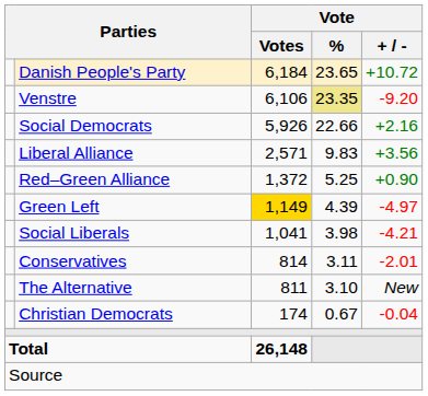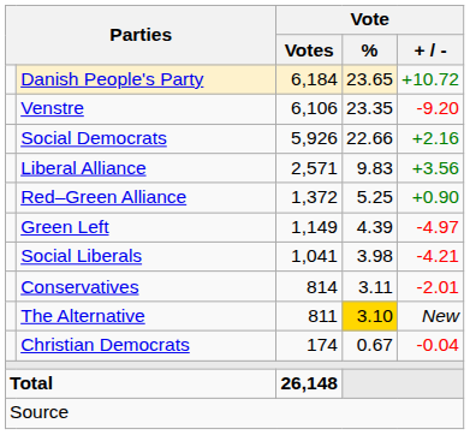 <table class="wikitable" style="text-align:right;">
 <tr>
 <th style="text-align:centre;" rowspan="2" colspan="2" width="225">Parties</th>
 <th colspan="3">Vote</th>
 </tr>
 <tr>
 <th width="15">Votes</th>
 <th width="15">%</th>
 <th width="15">+ / -</th>
 </tr>
 <tr>
 <td width="2" style="color:inherit;background:"></td>
 <td bgcolor=#fef2cc  align="left"><a href='#'>Danish People's Party</a></td>
 <td bgcolor=#fef2cc>6,184</td>
 <td bgcolor=#fef2cc>23.65</td>
 <td style=color:green;>+10.72</td>
 </tr>
 <tr>
 <td width="2" style="color:inherit;background:"></td>
 <td align="left"><a href='#'>Venstre</a></td>
 <td>6,106</td>
-<td style="background: khaki;">23.35</td>
+<td>23.35</td>
 <td style=color:red;>-9.20</td>
 </tr>
 <tr>
 <td width="2" style="color:inherit;background:"></td>
 <td align="left"><a href='#'>Social Democrats</a></td>
 <td>5,926</td>
 <td>22.66</td>
 <td style=color:green;>+2.16</td>
 </tr>
 <tr>
 <td width="2" style="color:inherit;background:"></td>
 <td align="left"><a href='#'>Liberal Alliance</a></td>
 <td>2,571</td>
 <td>9.83</td>
 <td style=color:green;>+3.56</td>
 </tr>
 <tr>
 <td width="2" style="color:inherit;background:"></td>
 <td align="left"><a href='#'>Red–Green Alliance</a></td>
 <td>1,372</td>
 <td>5.25</td>
 <td style=color:green;>+0.90</td>
 </tr>
 <tr>
 <td width="2" style="color:inherit;background:"></td>
 <td align="left"><a href='#'>Green Left</a></td>
-<td style="background: gold;">1,149</td>
+<td>1,149</td>
 <td>4.39</td>
 <td style=color:red;>-4.97</td>
 </tr>
 <tr>
 <td width="2" style="color:inherit;background:"></td>
 <td align="left"><a href='#'>Social Liberals</a></td>
 <td>1,041</td>
 <td>3.98</td>
 <td style=color:red;>-4.21</td>
 </tr>
 <tr>
 <td width="2" style="color:inherit;background:"></td>
 <td align="left"><a href='#'>Conservatives</a></td>
 <td>814</td>
 <td>3.11</td>
 <td style=color:red;>-2.01</td>
 </tr>
 <tr>
 <td width="2" style="color:inherit;background:"></td>
 <td align="left"><a href='#'>The Alternative</a></td>
 <td>811</td>
-<td>3.10</td>
+<td style="background: gold;">3.10</td>
 <td><em>New</em></td>
 </tr>
 <tr>
 <td width="2" style="color:inherit;background:"></td>
 <td align="left"><a href='#'>Christian Democrats</a></td>
 <td>174</td>
 <td>0.67</td>
 <td style=color:red;>-0.04</td>
 </tr>
 <tr>
 <td colspan="7" bgcolor="#E9E9E9"></td>
 </tr>
 <tr>
 <td align="left" colspan="2"><strong>Total</strong></td>
 <td><strong>26,148</strong></td>
 <td bgcolor="#E9E9E9" colspan="2"></td>
 </tr>
 <tr>
 <td align="left" colspan="6">Source</td>
 </tr>
 </table>
